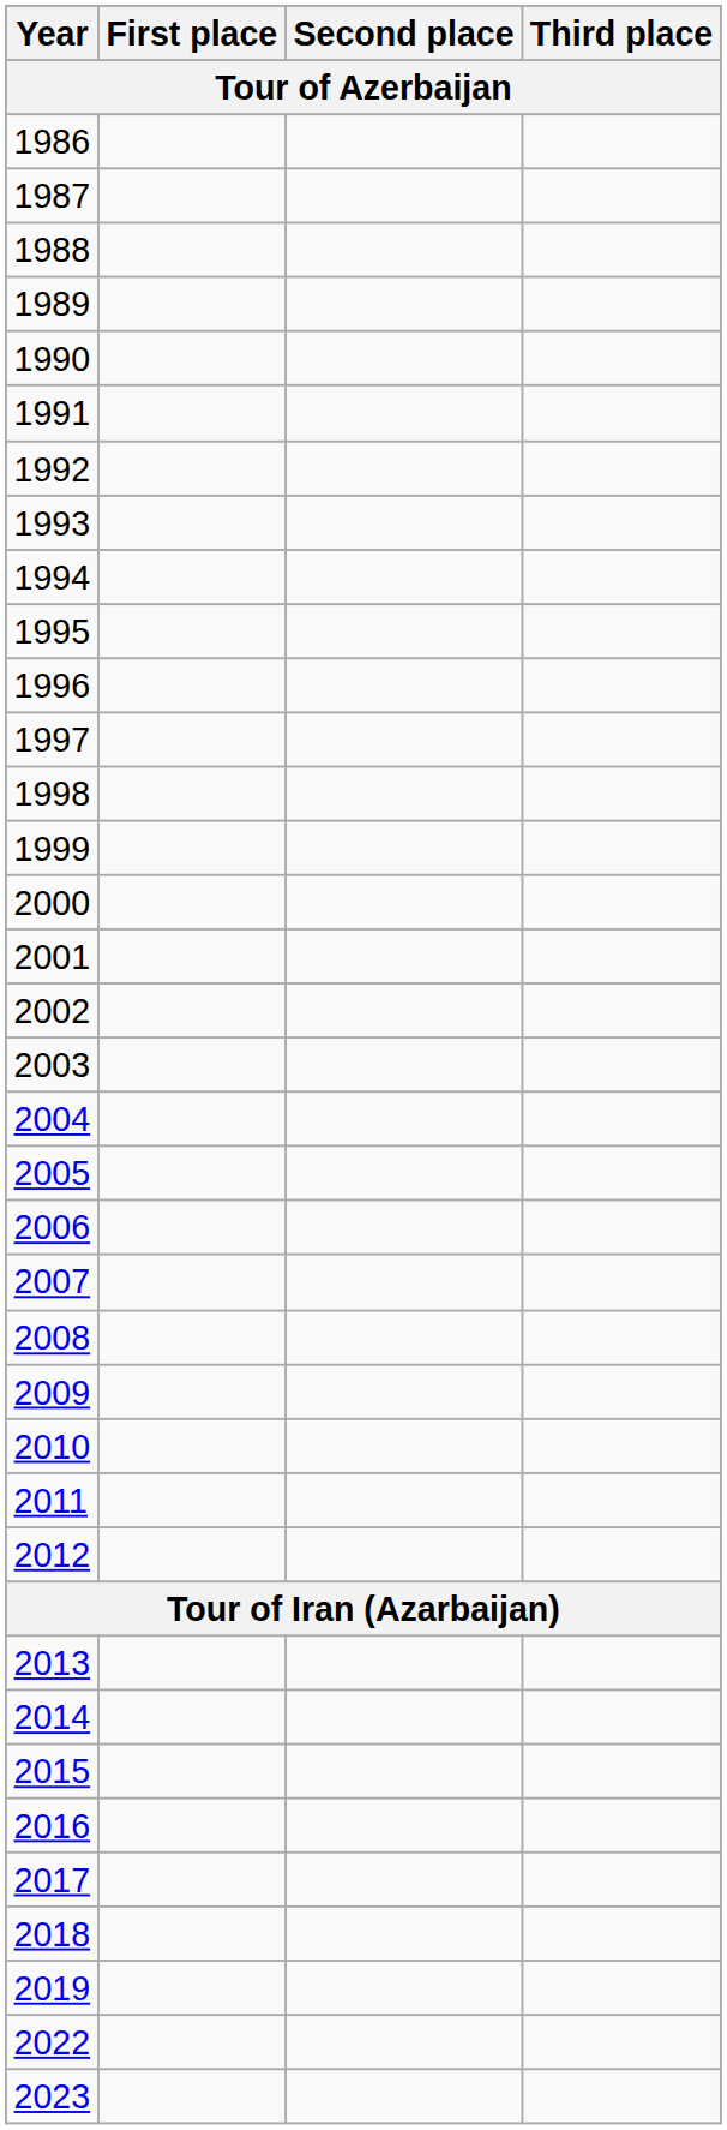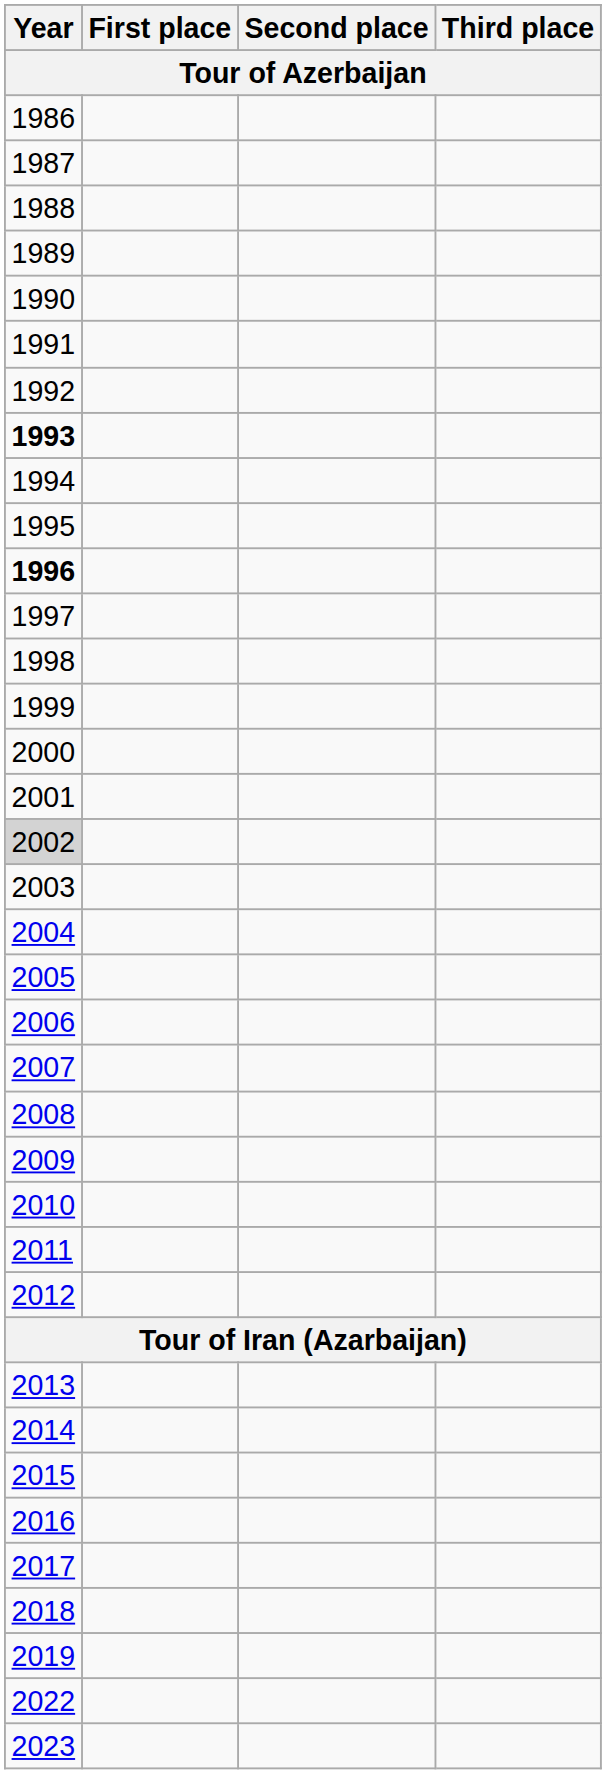 <table class="wikitable" style="font-size:95%">
 <tr>
 <th>Year</th>
 <th>First place</th>
 <th>Second place</th>
 <th>Third place</th>
 </tr>
 <tr>
 <th colspan=4>Tour of Azerbaijan</th>
 </tr>
 <tr>
 <td>1986</td>
 <td></td>
 <td></td>
 <td></td>
 </tr>
 <tr>
 <td>1987</td>
 <td></td>
 <td></td>
 <td></td>
 </tr>
 <tr>
 <td>1988</td>
 <td></td>
 <td></td>
 <td></td>
 </tr>
 <tr>
 <td>1989</td>
 <td></td>
 <td></td>
 <td></td>
 </tr>
 <tr>
 <td>1990</td>
 <td></td>
 <td></td>
 <td></td>
 </tr>
 <tr>
 <td>1991</td>
 <td></td>
 <td></td>
 <td></td>
 </tr>
 <tr>
 <td>1992</td>
 <td></td>
 <td></td>
 <td></td>
 </tr>
 <tr>
-<td>1993</td>
+<td><strong>1993</strong></td>
 <td></td>
 <td></td>
 <td></td>
 </tr>
 <tr>
 <td>1994</td>
 <td></td>
 <td></td>
 <td></td>
 </tr>
 <tr>
 <td>1995</td>
 <td></td>
 <td></td>
 <td></td>
 </tr>
 <tr>
-<td>1996</td>
+<td><strong>1996</strong></td>
 <td></td>
 <td></td>
 <td></td>
 </tr>
 <tr>
 <td>1997</td>
 <td></td>
 <td></td>
 <td></td>
 </tr>
 <tr>
 <td>1998</td>
 <td></td>
 <td></td>
 <td></td>
 </tr>
 <tr>
 <td>1999</td>
 <td></td>
 <td></td>
 <td></td>
 </tr>
 <tr>
 <td>2000</td>
 <td></td>
 <td></td>
 <td></td>
 </tr>
 <tr>
 <td>2001</td>
 <td></td>
 <td></td>
 <td></td>
 </tr>
 <tr>
-<td>2002</td>
+<td style="background: lightgrey;">2002</td>
 <td></td>
 <td></td>
 <td></td>
 </tr>
 <tr>
 <td>2003</td>
 <td></td>
 <td></td>
 <td></td>
 </tr>
 <tr>
 <td><a href='#'>2004</a></td>
 <td></td>
 <td></td>
 <td></td>
 </tr>
 <tr>
 <td><a href='#'>2005</a></td>
 <td></td>
 <td></td>
 <td></td>
 </tr>
 <tr>
 <td><a href='#'>2006</a></td>
 <td></td>
 <td></td>
 <td></td>
 </tr>
 <tr>
 <td><a href='#'>2007</a></td>
 <td></td>
 <td></td>
 <td></td>
 </tr>
 <tr>
 <td><a href='#'>2008</a></td>
 <td></td>
 <td></td>
 <td></td>
 </tr>
 <tr>
 <td><a href='#'>2009</a></td>
 <td></td>
 <td></td>
 <td></td>
 </tr>
 <tr>
 <td><a href='#'>2010</a></td>
 <td></td>
 <td></td>
 <td></td>
 </tr>
 <tr>
 <td><a href='#'>2011</a></td>
 <td></td>
 <td></td>
 <td></td>
 </tr>
 <tr>
 <td><a href='#'>2012</a></td>
 <td></td>
 <td></td>
 <td></td>
 </tr>
 <tr>
 <th colspan=4>Tour of Iran (Azarbaijan)</th>
 </tr>
 <tr>
 <td><a href='#'>2013</a></td>
 <td></td>
 <td></td>
 <td></td>
 </tr>
 <tr>
 <td><a href='#'>2014</a></td>
 <td></td>
 <td></td>
 <td></td>
 </tr>
 <tr>
 <td><a href='#'>2015</a></td>
 <td></td>
 <td></td>
 <td></td>
 </tr>
 <tr>
 <td><a href='#'>2016</a></td>
 <td></td>
 <td></td>
 <td></td>
 </tr>
 <tr>
 <td><a href='#'>2017</a></td>
 <td></td>
 <td></td>
 <td></td>
 </tr>
 <tr>
 <td><a href='#'>2018</a></td>
 <td></td>
 <td></td>
 <td></td>
 </tr>
 <tr>
 <td><a href='#'>2019</a></td>
 <td></td>
 <td></td>
 <td></td>
 </tr>
 <tr>
 <td><a href='#'>2022</a></td>
 <td></td>
 <td></td>
 <td></td>
 </tr>
 <tr>
 <td><a href='#'>2023</a></td>
 <td></td>
 <td></td>
 <td></td>
 </tr>
 </table>
